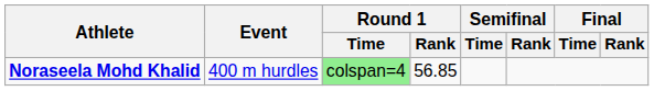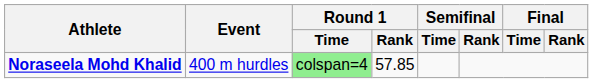 <table class="wikitable" style="font-size:90%">
 <tr>
 <th rowspan=2>Athlete</th>
 <th rowspan=2>Event</th>
 <th colspan=2>Round 1</th>
 <th colspan=2>Semifinal</th>
 <th colspan=2>Final</th>
 </tr>
 <tr style="font-size:95%">
 <th>Time</th>
 <th>Rank</th>
 <th>Time</th>
 <th>Rank</th>
 <th>Time</th>
 <th>Rank</th>
 </tr>
 <tr align=center>
 <td align=left><strong><a href='#'>Noraseela Mohd Khalid</a></strong></td>
 <td rowspan=2 align=left><a href='#'>400 m hurdles</a></td>
 <td style="background: lightgreen;">colspan=4 </td>
-<td>56.85</td>
+<td>57.85</td>
 <td></td>
 </tr>
 </table>
